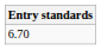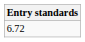 <table class="wikitable" border="1" align="upright">
 <tr>
 <th>Entry standards</th>
 </tr>
 <tr>
-<td>6.70</td>
+<td>6.72</td>
 </tr>
 </table>
